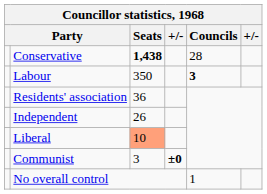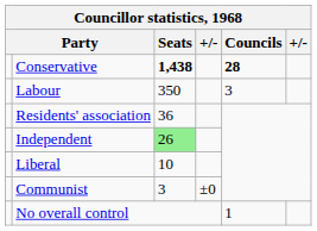 <table class="wikitable">
 <tr>
 <th colspan=6>Councillor statistics, 1968</th>
 </tr>
 <tr>
 <th colspan=2>Party</th>
 <th>Seats</th>
 <th>+/-</th>
 <th>Councils</th>
 <th>+/-</th>
 </tr>
 <tr>
 <td style="background-color: "></td>
 <td><a href='#'>Conservative</a></td>
 <td><strong>1,438</strong></td>
 <td></td>
-<td>28</td>
+<td><strong>28</strong></td>
 <td></td>
 </tr>
 <tr>
 <td style="background-color: "></td>
 <td><a href='#'>Labour</a></td>
 <td>350</td>
 <td></td>
-<td><strong>3</strong></td>
+<td>3</td>
 <td></td>
 </tr>
 <tr>
 <td style="background-color: "></td>
 <td><a href='#'>Residents' association</a></td>
 <td>36</td>
 <td></td>
 <td rowspan =4 colspan=2></td>
 </tr>
 <tr>
 <td style="background-color: "></td>
 <td><a href='#'>Independent</a></td>
-<td>26</td>
+<td style="background: lightgreen;">26</td>
 <td></td>
 </tr>
 <tr>
 <td style="background-color: "></td>
 <td><a href='#'>Liberal</a></td>
-<td style="background: lightsalmon;">10</td>
+<td>10</td>
 <td></td>
 </tr>
 <tr>
 <td style="background-color: "></td>
 <td><a href='#'>Communist</a></td>
 <td>3</td>
-<td><strong>±0</strong></td>
+<td>±0</td>
 </tr>
 <tr>
 <td style="background-color: "></td>
 <td colspan=3><a href='#'>No overall control</a></td>
 <td>1</td>
 <td></td>
 </tr>
 </table>
